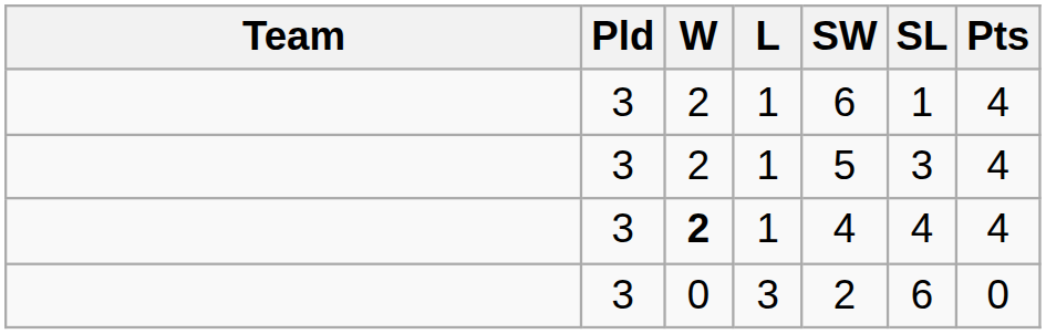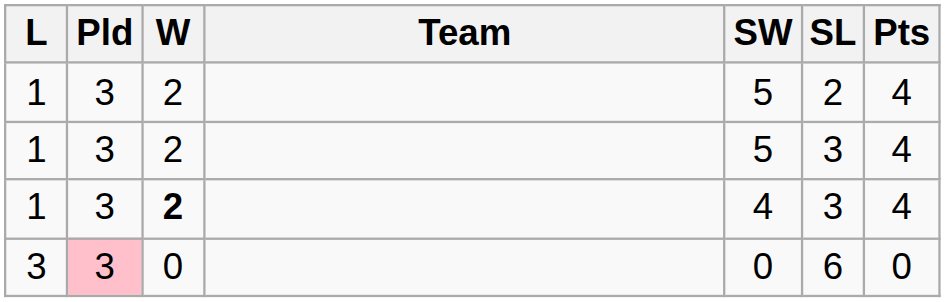 <table class=wikitable style="text-align:center">
 <tr>
-<th width=220>Team</th>
+<th width=20>L</th>
 <th width=20>Pld</th>
 <th width=20>W</th>
-<th width=20>L</th>
+<th width=220>Team</th>
 <th width=20>SW</th>
 <th width=20>SL</th>
 <th width=20>Pts</th>
 </tr>
 <tr>
-<td align=left></td>
+<td>1</td>
 <td>3</td>
 <td>2</td>
-<td>1</td>
-<td>6</td>
-<td>1</td>
+<td align=left></td>
+<td>5</td>
+<td>2</td>
 <td>4</td>
 </tr>
 <tr>
-<td align=left></td>
+<td>1</td>
 <td>3</td>
 <td>2</td>
-<td>1</td>
+<td align=left></td>
 <td>5</td>
 <td>3</td>
 <td>4</td>
 </tr>
 <tr>
-<td align=left></td>
+<td>1</td>
 <td>3</td>
 <td><strong>2</strong></td>
-<td>1</td>
+<td align=left></td>
 <td>4</td>
-<td>4</td>
+<td>3</td>
 <td>4</td>
 </tr>
 <tr>
+<td>3</td>
+<td style="background: pink;">3</td>
+<td>0</td>
 <td align=left></td>
-<td>3</td>
 <td>0</td>
-<td>3</td>
-<td>2</td>
 <td>6</td>
 <td>0</td>
 </tr>
 </table>
